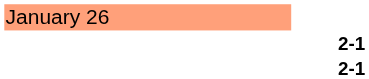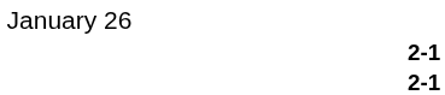 <table style="width:100%;" cellspacing="1">
 <tr>
 <th width=25%></th>
 <th width=2%></th>
 <th width=6%></th>
 <th width=2%></th>
 <th width=25%></th>
 </tr>
 <tr>
-<td style="background: lightsalmon;">January 26</td>
+<td>January 26</td>
 </tr>
 <tr style=font-size:90%>
 <td align=right><strong></strong></td>
 <td></td>
 <td align=center><strong>2-1</strong></td>
 <td></td>
 <td><strong></strong></td>
 <td></td>
 </tr>
 <tr style=font-size:90%>
 <td align=right><strong></strong></td>
 <td></td>
 <td align=center><strong>2-1</strong></td>
 <td></td>
 <td><strong></strong></td>
 <td></td>
 </tr>
 </table>
